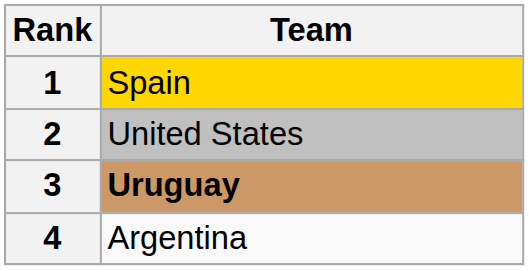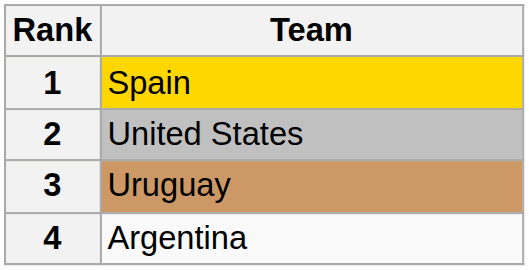 <table class="wikitable">
 <tr>
 <th>Rank</th>
 <th width=200px>Team</th>
 </tr>
 <tr bgcolor=gold>
 <th>1</th>
 <td> Spain</td>
 </tr>
 <tr bgcolor=silver>
 <th>2</th>
 <td> United States</td>
 </tr>
 <tr bgcolor=cc9966>
 <th>3</th>
-<td><strong> Uruguay</strong></td>
+<td> Uruguay</td>
 </tr>
 <tr>
 <th>4</th>
 <td> Argentina</td>
 </tr>
 <tr>
 </tr>
 </table>
